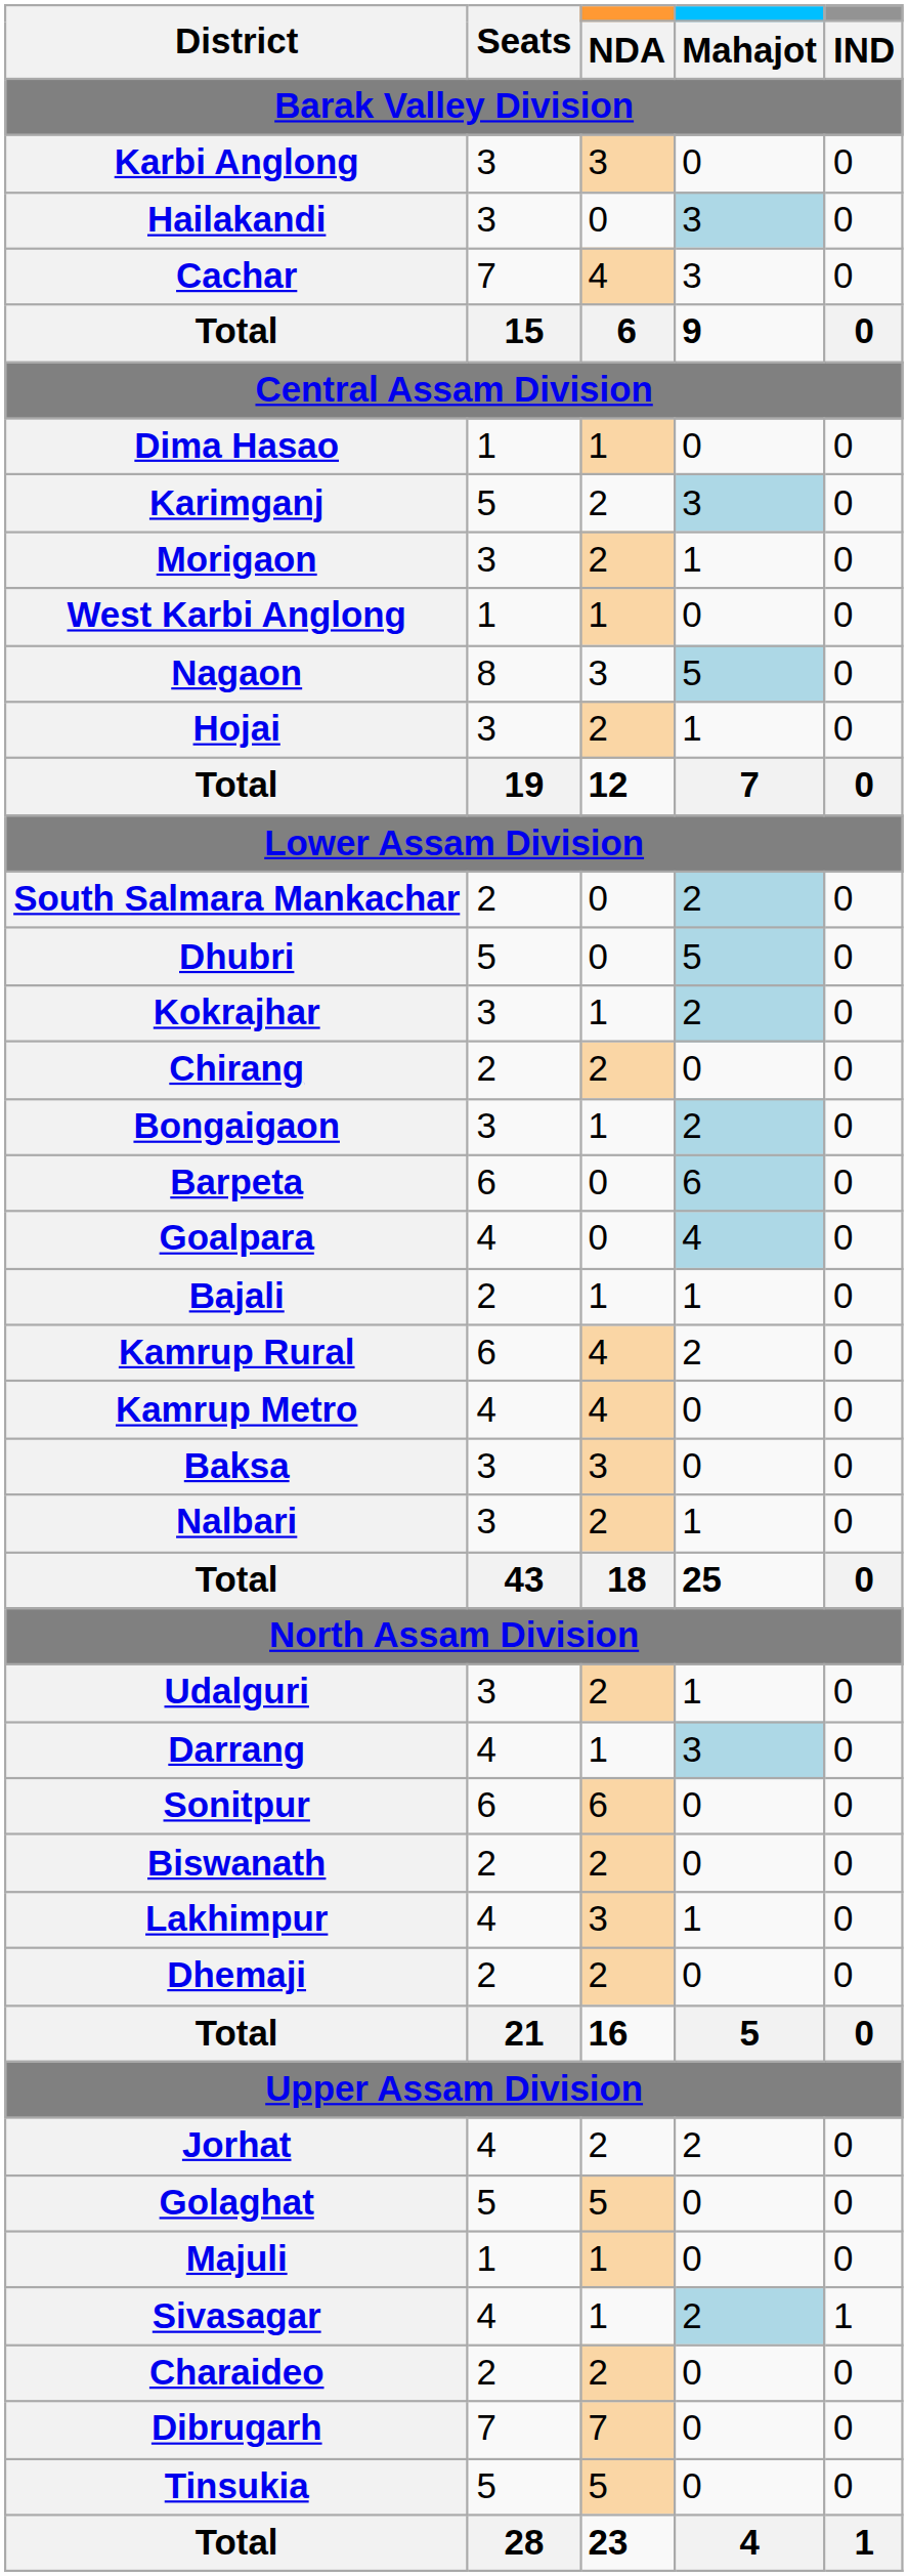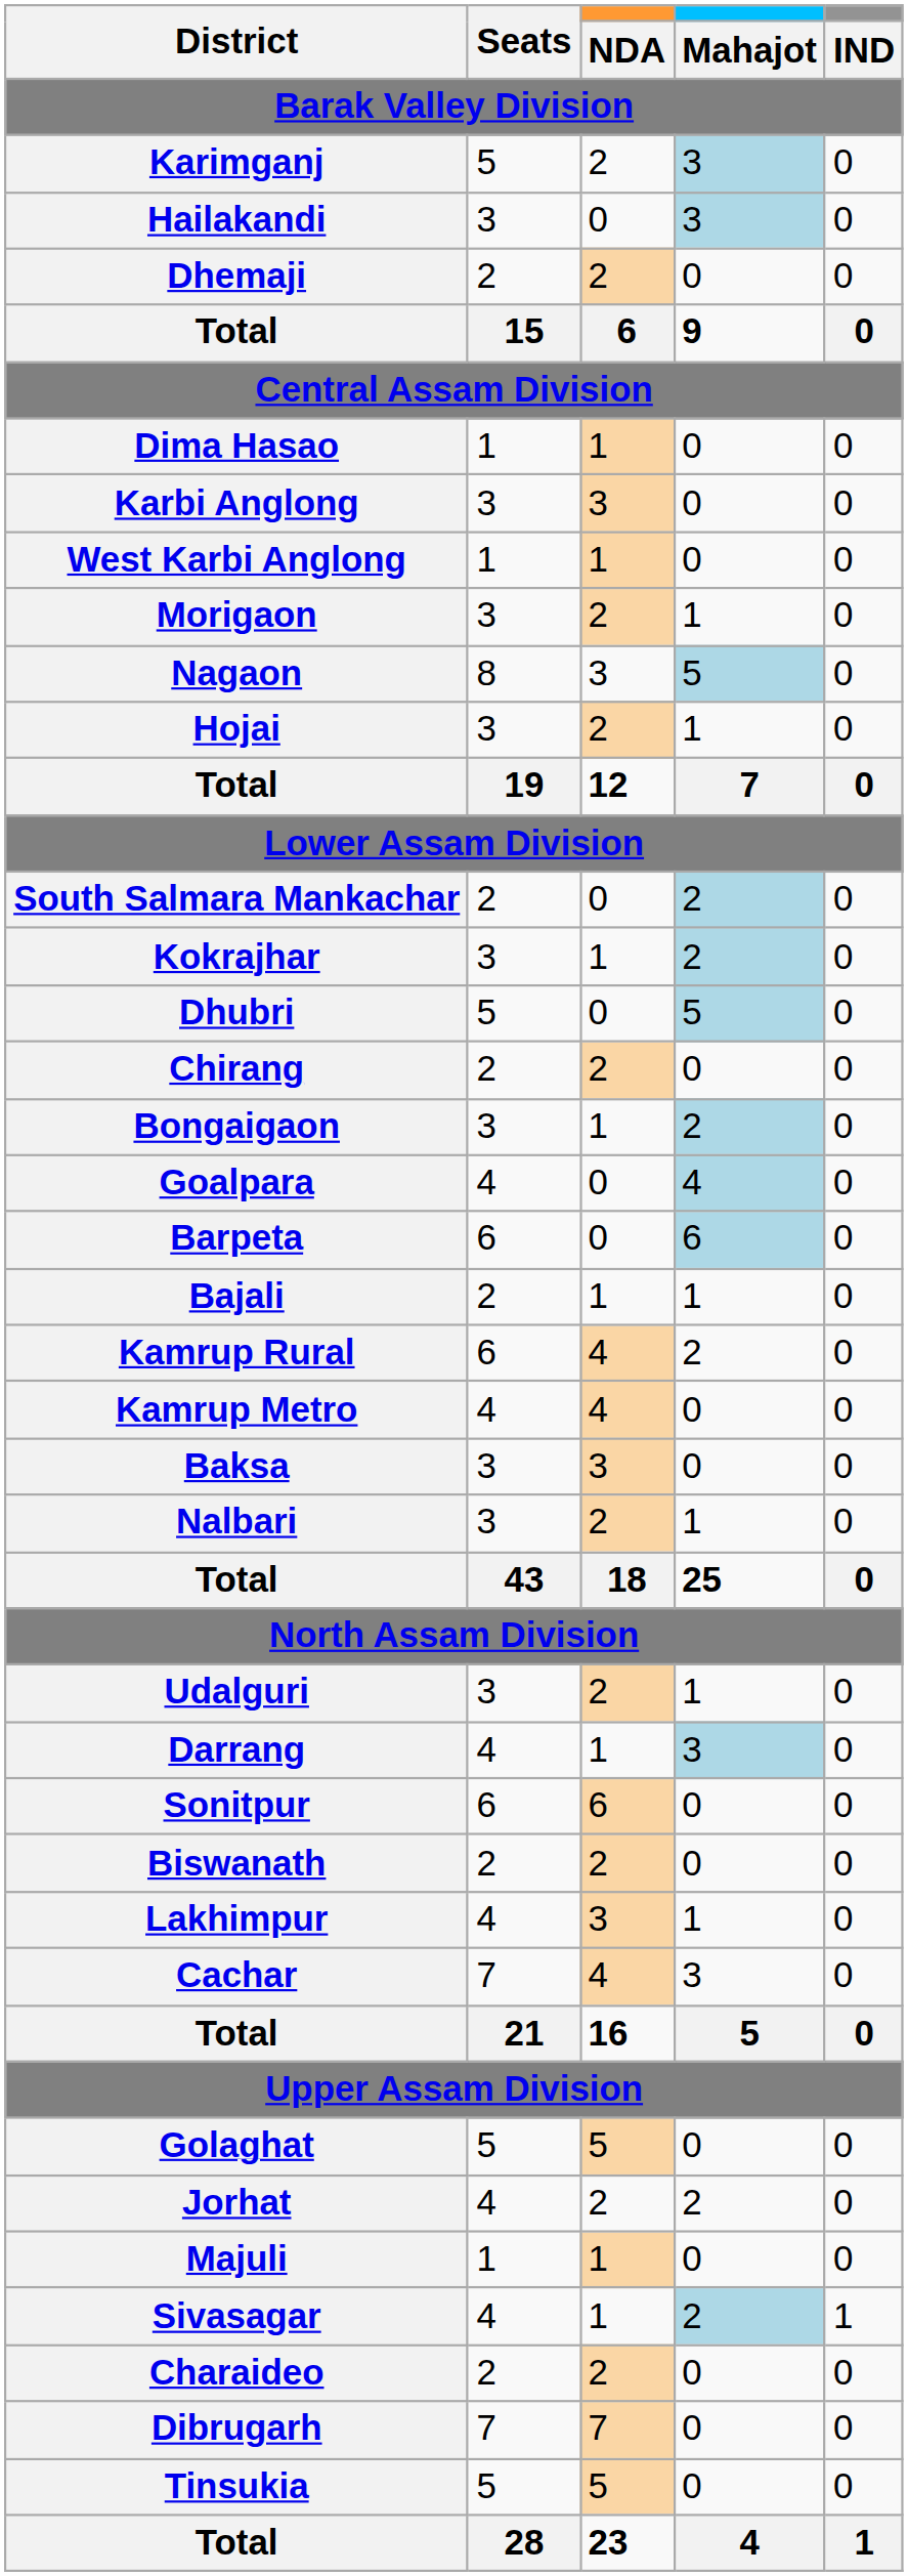 <table class="wikitable sortable">
 <tr>
 <th rowspan ="2">District</th>
 <th rowspan ="2">Seats</th>
 <th style="background:#FF9933;"></th>
 <th style="background:#00BFFF;"></th>
 <th style="background:#939393;"></th>
 </tr>
 <tr>
 <th>NDA</th>
 <th>Mahajot</th>
 <th>IND</th>
 </tr>
 <tr>
 <td colspan="5" bgcolor="grey" align="center"><a href='#'><span><strong>Barak Valley Division</strong></span></a></td>
 </tr>
 <tr>
-<th><a href='#'>Karbi Anglong</a></th>
-<td>3</td>
-<td style="background:#FAD6A5;">3</td>
-<td>0</td>
+<th><a href='#'>Karimganj</a></th>
+<td>5</td>
+<td>2</td>
+<td style="background:#ADD8E6;">3</td>
 <td>0</td>
 </tr>
 <tr>
 <th><a href='#'>Hailakandi</a></th>
 <td>3</td>
 <td>0</td>
 <td style="background:#ADD8E6;">3</td>
 <td>0</td>
 </tr>
 <tr>
-<th><a href='#'>Cachar</a></th>
-<td>7</td>
-<td style="background:#FAD6A5;">4</td>
-<td>3</td>
+<th><a href='#'>Dhemaji</a></th>
+<td>2</td>
+<td style="background:#FAD6A5;">2</td>
+<td>0</td>
 <td>0</td>
 </tr>
 <tr>
 <th>Total</th>
 <th align="left">15</th>
 <th align="left">6</th>
 <td bgcolor=><strong>9</strong></td>
 <th align="left">0</th>
 </tr>
 <tr>
 <td colspan="5" bgcolor="grey" align="center"><a href='#'><span><strong>Central Assam Division</strong></span></a></td>
 </tr>
 <tr>
 <th><a href='#'>Dima Hasao</a></th>
 <td>1</td>
 <td style="background:#FAD6A5;">1</td>
 <td>0</td>
 <td>0</td>
 </tr>
 <tr>
-<th><a href='#'>Karimganj</a></th>
-<td>5</td>
-<td>2</td>
-<td style="background:#ADD8E6;">3</td>
+<th><a href='#'>Karbi Anglong</a></th>
+<td>3</td>
+<td style="background:#FAD6A5;">3</td>
+<td>0</td>
+<td>0</td>
+</tr>
+<tr>
+<th><a href='#'>West Karbi Anglong</a></th>
+<td>1</td>
+<td style="background:#FAD6A5;">1</td>
+<td>0</td>
 <td>0</td>
 </tr>
 <tr>
 <th><a href='#'>Morigaon</a></th>
 <td>3</td>
 <td style="background:#FAD6A5;">2</td>
 <td>1</td>
-<td>0</td>
-</tr>
-<tr>
-<th><a href='#'>West Karbi Anglong</a></th>
-<td>1</td>
-<td style="background:#FAD6A5;">1</td>
-<td>0</td>
 <td>0</td>
 </tr>
 <tr>
 <th><a href='#'>Nagaon</a></th>
 <td>8</td>
 <td>3</td>
 <td style="background:#ADD8E6;">5</td>
 <td>0</td>
 </tr>
 <tr>
 <th><a href='#'>Hojai</a></th>
 <td>3</td>
 <td style="background:#FAD6A5;">2</td>
 <td>1</td>
 <td>0</td>
 </tr>
 <tr>
 <th>Total</th>
 <th align="left">19</th>
 <td bgcolor=><strong>12</strong></td>
 <th align="left">7</th>
 <th align="left">0</th>
 </tr>
 <tr>
 <td colspan="5" bgcolor="grey" align="center"><a href='#'><span><strong>Lower Assam Division</strong></span></a></td>
 </tr>
 <tr>
 <th><a href='#'>South Salmara Mankachar</a></th>
 <td>2</td>
 <td>0</td>
 <td style="background:#ADD8E6;">2</td>
 <td>0</td>
 </tr>
 <tr>
+<th><a href='#'>Kokrajhar</a></th>
+<td>3</td>
+<td>1</td>
+<td style="background:#ADD8E6;">2</td>
+<td>0</td>
+</tr>
+<tr>
 <th><a href='#'>Dhubri</a></th>
 <td>5</td>
 <td>0</td>
 <td style="background:#ADD8E6;">5</td>
-<td>0</td>
-</tr>
-<tr>
-<th><a href='#'>Kokrajhar</a></th>
-<td>3</td>
-<td>1</td>
-<td style="background:#ADD8E6;">2</td>
 <td>0</td>
 </tr>
 <tr>
 <th><a href='#'>Chirang</a></th>
 <td>2</td>
 <td style="background:#FAD6A5;">2</td>
 <td>0</td>
 <td>0</td>
 </tr>
 <tr>
 <th><a href='#'>Bongaigaon</a></th>
 <td>3</td>
 <td>1</td>
 <td style="background:#ADD8E6;">2</td>
 <td>0</td>
 </tr>
 <tr>
+<th><a href='#'>Goalpara</a></th>
+<td>4</td>
+<td>0</td>
+<td style="background:#ADD8E6;">4</td>
+<td>0</td>
+</tr>
+<tr>
 <th><a href='#'>Barpeta</a></th>
 <td>6</td>
 <td>0</td>
 <td style="background:#ADD8E6;">6</td>
-<td>0</td>
-</tr>
-<tr>
-<th><a href='#'>Goalpara</a></th>
-<td>4</td>
-<td>0</td>
-<td style="background:#ADD8E6;">4</td>
 <td>0</td>
 </tr>
 <tr>
 <th><a href='#'>Bajali</a></th>
 <td>2</td>
 <td>1</td>
 <td>1</td>
 <td>0</td>
 </tr>
 <tr>
 <th><a href='#'>Kamrup Rural</a></th>
 <td>6</td>
 <td style="background:#FAD6A5;">4</td>
 <td>2</td>
 <td>0</td>
 </tr>
 <tr>
 <th><a href='#'>Kamrup Metro</a></th>
 <td>4</td>
 <td style="background:#FAD6A5;">4</td>
 <td>0</td>
 <td>0</td>
 </tr>
 <tr>
 <th><a href='#'>Baksa</a></th>
 <td>3</td>
 <td style="background:#FAD6A5;">3</td>
 <td>0</td>
 <td>0</td>
 </tr>
 <tr>
 <th><a href='#'>Nalbari</a></th>
 <td>3</td>
 <td style="background:#FAD6A5;">2</td>
 <td>1</td>
 <td>0</td>
 </tr>
 <tr>
 <th>Total</th>
 <th align="left">43</th>
 <th align="left">18</th>
 <td bgcolor=><strong>25</strong></td>
 <th align="left">0</th>
 </tr>
 <tr>
 <td colspan="5" bgcolor="grey" align="center"><a href='#'><span><strong>North Assam Division</strong></span></a></td>
 </tr>
 <tr>
 <th><a href='#'>Udalguri</a></th>
 <td>3</td>
 <td style="background:#FAD6A5;">2</td>
 <td>1</td>
 <td>0</td>
 </tr>
 <tr>
 <th><a href='#'>Darrang</a></th>
 <td>4</td>
 <td>1</td>
 <td style="background:#ADD8E6;">3</td>
 <td>0</td>
 </tr>
 <tr>
 <th><a href='#'>Sonitpur</a></th>
 <td>6</td>
 <td style="background:#FAD6A5;">6</td>
 <td>0</td>
 <td>0</td>
 </tr>
 <tr>
 <th><a href='#'>Biswanath</a></th>
 <td>2</td>
 <td style="background:#FAD6A5;">2</td>
 <td>0</td>
 <td>0</td>
 </tr>
 <tr>
 <th><a href='#'>Lakhimpur</a></th>
 <td>4</td>
 <td style="background:#FAD6A5;">3</td>
 <td>1</td>
 <td>0</td>
 </tr>
 <tr>
-<th><a href='#'>Dhemaji</a></th>
-<td>2</td>
-<td style="background:#FAD6A5;">2</td>
-<td>0</td>
+<th><a href='#'>Cachar</a></th>
+<td>7</td>
+<td style="background:#FAD6A5;">4</td>
+<td>3</td>
 <td>0</td>
 </tr>
 <tr>
 <th>Total</th>
 <th align="left">21</th>
 <td bgcolor=><strong>16</strong></td>
 <th align="left">5</th>
 <th align="left">0</th>
 </tr>
 <tr>
 <td colspan="5" bgcolor="grey" align="center"><a href='#'><span><strong>Upper Assam Division</strong></span></a></td>
 </tr>
 <tr>
+<th><a href='#'>Golaghat</a></th>
+<td>5</td>
+<td style=" background:#FAD6A5;">5</td>
+<td>0</td>
+<td>0</td>
+</tr>
+<tr>
 <th><a href='#'>Jorhat</a></th>
 <td>4</td>
 <td>2</td>
 <td>2</td>
-<td>0</td>
-</tr>
-<tr>
-<th><a href='#'>Golaghat</a></th>
-<td>5</td>
-<td style=" background:#FAD6A5;">5</td>
-<td>0</td>
 <td>0</td>
 </tr>
 <tr>
 <th><a href='#'>Majuli</a></th>
 <td>1</td>
 <td style=" background:#FAD6A5;">1</td>
 <td>0</td>
 <td>0</td>
 </tr>
 <tr>
 <th><a href='#'>Sivasagar</a></th>
 <td>4</td>
 <td>1</td>
 <td style="background:#ADD8E6;">2</td>
 <td>1</td>
 </tr>
 <tr>
 <th><a href='#'>Charaideo</a></th>
 <td>2</td>
 <td style=" background:#FAD6A5;">2</td>
 <td>0</td>
 <td>0</td>
 </tr>
 <tr>
 <th><a href='#'>Dibrugarh</a></th>
 <td>7</td>
 <td style="background:#FAD6A5;">7</td>
 <td>0</td>
 <td>0</td>
 </tr>
 <tr>
 <th><a href='#'>Tinsukia</a></th>
 <td>5</td>
 <td style=" background:#FAD6A5;">5</td>
 <td>0</td>
 <td>0</td>
 </tr>
 <tr>
 <th>Total</th>
 <th align="left">28</th>
 <td bgcolor=><strong>23</strong></td>
 <th align="left">4</th>
 <th align="left">1</th>
 </tr>
 </table>
